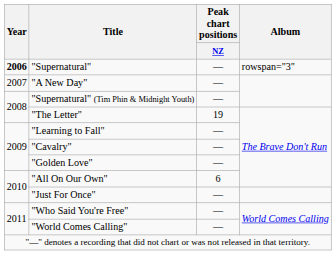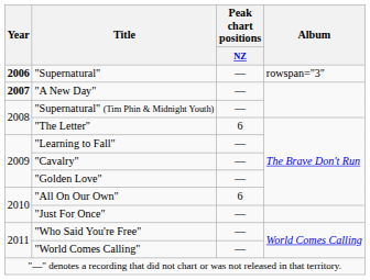 <table class="wikitable plainrowheaders">
 <tr>
 <th rowspan="2"  width="1em">Year</th>
 <th rowspan="2">Title</th>
 <th width="3em">Peak chart positions</th>
 <th rowspan="2">Album</th>
 </tr>
 <tr>
 <th><small><a href='#'>NZ</a></small><br></th>
 </tr>
 <tr>
 <td><strong>2006</strong></td>
 <td>"Supernatural"</td>
 <td align="center">—</td>
 <td>rowspan="3" </td>
 </tr>
 <tr>
-<td>2007</td>
+<td><strong>2007</strong></td>
 <td>"A New Day"</td>
 <td align="center">—</td>
 </tr>
 <tr>
 <td rowspan="2">2008</td>
 <td>"Supernatural" <small>(Tim Phin & Midnight Youth)</small></td>
 <td align="center">—</td>
 </tr>
 <tr>
 <td>"The Letter"</td>
-<td align="center">19</td>
+<td align="center">6</td>
 <td rowspan="5"><em><a href='#'>The Brave Don't Run</a></em></td>
 </tr>
 <tr>
 <td rowspan="3">2009</td>
 <td>"Learning to Fall"</td>
 <td align="center">—</td>
 </tr>
 <tr>
 <td>"Cavalry"</td>
 <td align="center">—</td>
 </tr>
 <tr>
 <td>"Golden Love"</td>
 <td align="center">—</td>
 </tr>
 <tr>
 <td rowspan="2">2010</td>
 <td>"All On Our Own"</td>
 <td align="center">6</td>
 </tr>
 <tr>
 <td>"Just For Once"</td>
 <td align="center">—</td>
 <td></td>
 </tr>
 <tr>
 <td rowspan="2">2011</td>
 <td>"Who Said You're Free"</td>
 <td align="center">—</td>
 <td rowspan="2"><em><a href='#'>World Comes Calling</a></em></td>
 </tr>
 <tr>
 <td>"World Comes Calling"</td>
 <td align="center">—</td>
 </tr>
 <tr>
 <td colspan="4" style="font-size:90%" align="center">"—" denotes a recording that did not chart or was not released in that territory.</td>
 </tr>
 </table>
